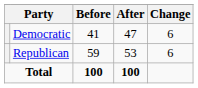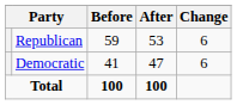 <table class="wikitable" style="text-align:center;">
 <tr>
 </tr>
 <tr>
 <th colspan=2>Party</th>
 <th>Before</th>
 <th>After</th>
 <th>Change</th>
 </tr>
 <tr>
 <th style="background-color:"></th>
-<td style="text-align:left;"><a href='#'>Democratic</a></td>
-<td>41</td>
-<td>47</td>
+<td style="text-align:left;"><a href='#'>Republican</a></td>
+<td>59</td>
+<td>53</td>
 <td> 6</td>
 </tr>
 <tr>
 <th style="background-color:"></th>
-<td style="text-align:left;"><a href='#'>Republican</a></td>
-<td>59</td>
-<td>53</td>
+<td style="text-align:left;"><a href='#'>Democratic</a></td>
+<td>41</td>
+<td>47</td>
 <td> 6</td>
 </tr>
 <tr>
 <td colspan=2><strong>Total</strong></td>
 <td><strong>100</strong></td>
 <td><strong>100</strong></td>
 <td></td>
 </tr>
 </table>
